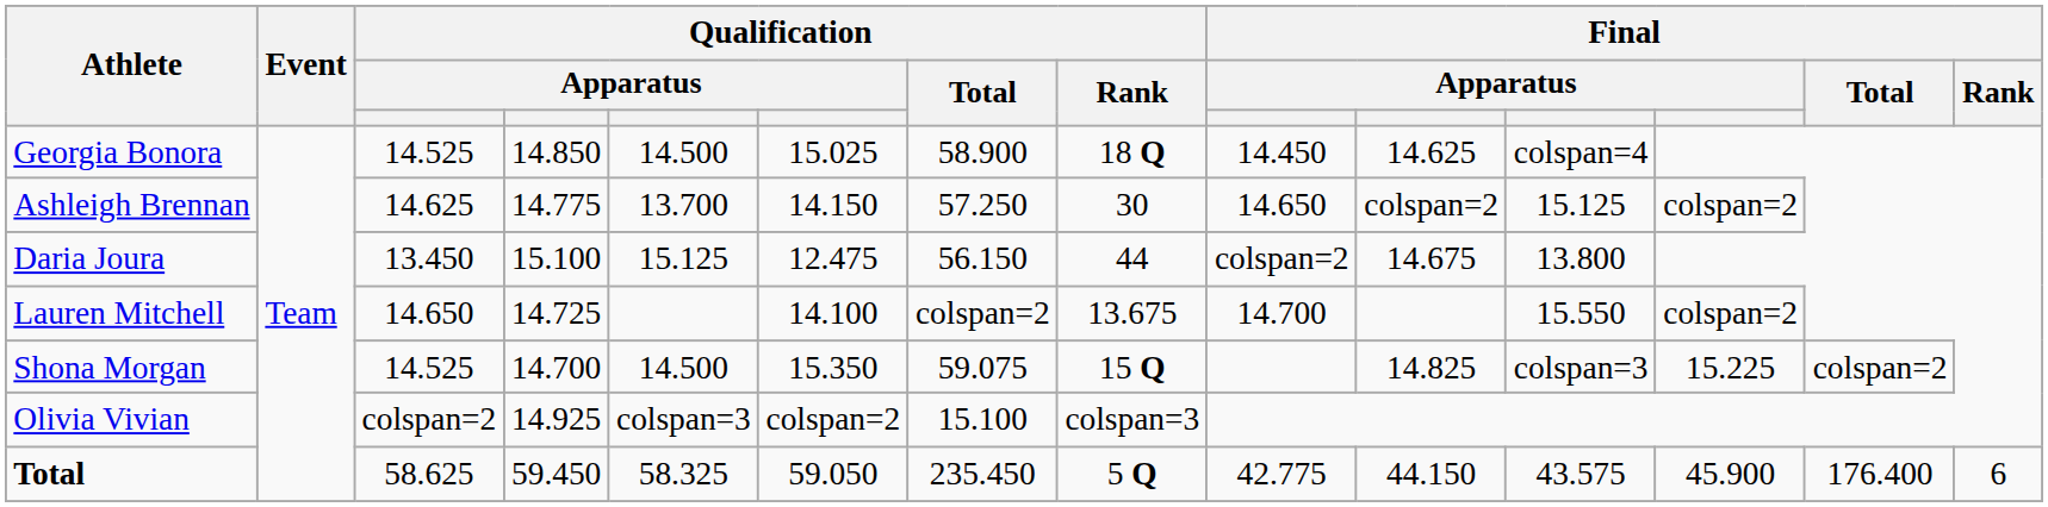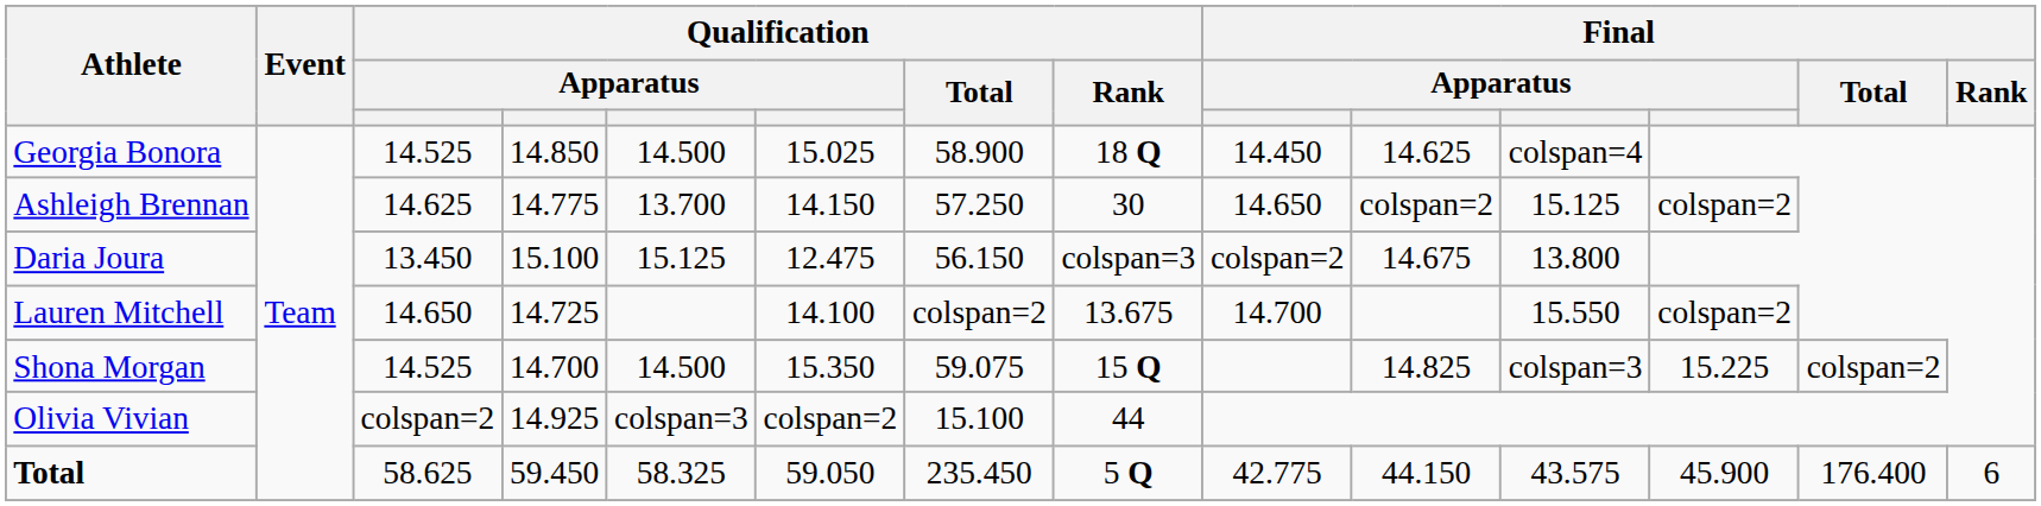 <table class="wikitable" style="font-size:90%">
 <tr>
 <th rowspan="3">Athlete</th>
 <th rowspan="3">Event</th>
 <th colspan=6>Qualification</th>
 <th colspan=6>Final</th>
 </tr>
 <tr style="font-size:95%">
 <th colspan=4>Apparatus</th>
 <th rowspan=2>Total</th>
 <th rowspan=2>Rank</th>
 <th colspan=4>Apparatus</th>
 <th rowspan=2>Total</th>
 <th rowspan=2>Rank</th>
 </tr>
 <tr style="font-size:95%">
 <th></th>
 <th></th>
 <th></th>
 <th></th>
 <th></th>
 <th></th>
 <th></th>
 <th></th>
 </tr>
 <tr align=center>
 <td align=left><a href='#'>Georgia Bonora</a></td>
 <td align=left rowspan=7><a href='#'>Team</a></td>
 <td>14.525</td>
 <td>14.850</td>
 <td>14.500</td>
 <td>15.025</td>
 <td>58.900</td>
 <td>18 <strong>Q</strong></td>
 <td>14.450</td>
 <td>14.625</td>
 <td>colspan=4 </td>
 </tr>
 <tr align=center>
 <td align=left><a href='#'>Ashleigh Brennan</a></td>
 <td>14.625</td>
 <td>14.775</td>
 <td>13.700</td>
 <td>14.150</td>
 <td>57.250</td>
 <td>30</td>
 <td>14.650</td>
 <td>colspan=2 </td>
 <td>15.125</td>
 <td>colspan=2 </td>
 </tr>
 <tr align=center>
 <td align=left><a href='#'>Daria Joura</a></td>
 <td>13.450</td>
 <td>15.100</td>
 <td>15.125</td>
 <td>12.475</td>
 <td>56.150</td>
-<td>44</td>
+<td>colspan=3 </td>
 <td>colspan=2 </td>
 <td>14.675</td>
 <td>13.800</td>
 </tr>
 <tr align=center>
 <td align=left><a href='#'>Lauren Mitchell</a></td>
 <td>14.650</td>
 <td>14.725</td>
 <td></td>
 <td>14.100</td>
 <td>colspan=2 </td>
 <td>13.675</td>
 <td>14.700</td>
 <td></td>
 <td>15.550</td>
 <td>colspan=2 </td>
 </tr>
 <tr align=center>
 <td align=left><a href='#'>Shona Morgan</a></td>
 <td>14.525</td>
 <td>14.700</td>
 <td>14.500</td>
 <td>15.350</td>
 <td>59.075</td>
 <td>15 <strong>Q</strong></td>
 <td></td>
 <td>14.825</td>
 <td>colspan=3 </td>
 <td>15.225</td>
 <td>colspan=2 </td>
 </tr>
 <tr align=center>
 <td align=left><a href='#'>Olivia Vivian</a></td>
 <td>colspan=2 </td>
 <td>14.925</td>
 <td>colspan=3 </td>
 <td>colspan=2 </td>
 <td>15.100</td>
-<td>colspan=3 </td>
+<td>44</td>
 </tr>
 <tr align=center>
 <td align=left><strong>Total</strong></td>
 <td>58.625</td>
 <td>59.450</td>
 <td>58.325</td>
 <td>59.050</td>
 <td>235.450</td>
 <td>5 <strong>Q</strong></td>
 <td>42.775</td>
 <td>44.150</td>
 <td>43.575</td>
 <td>45.900</td>
 <td>176.400</td>
 <td>6</td>
 </tr>
 </table>
